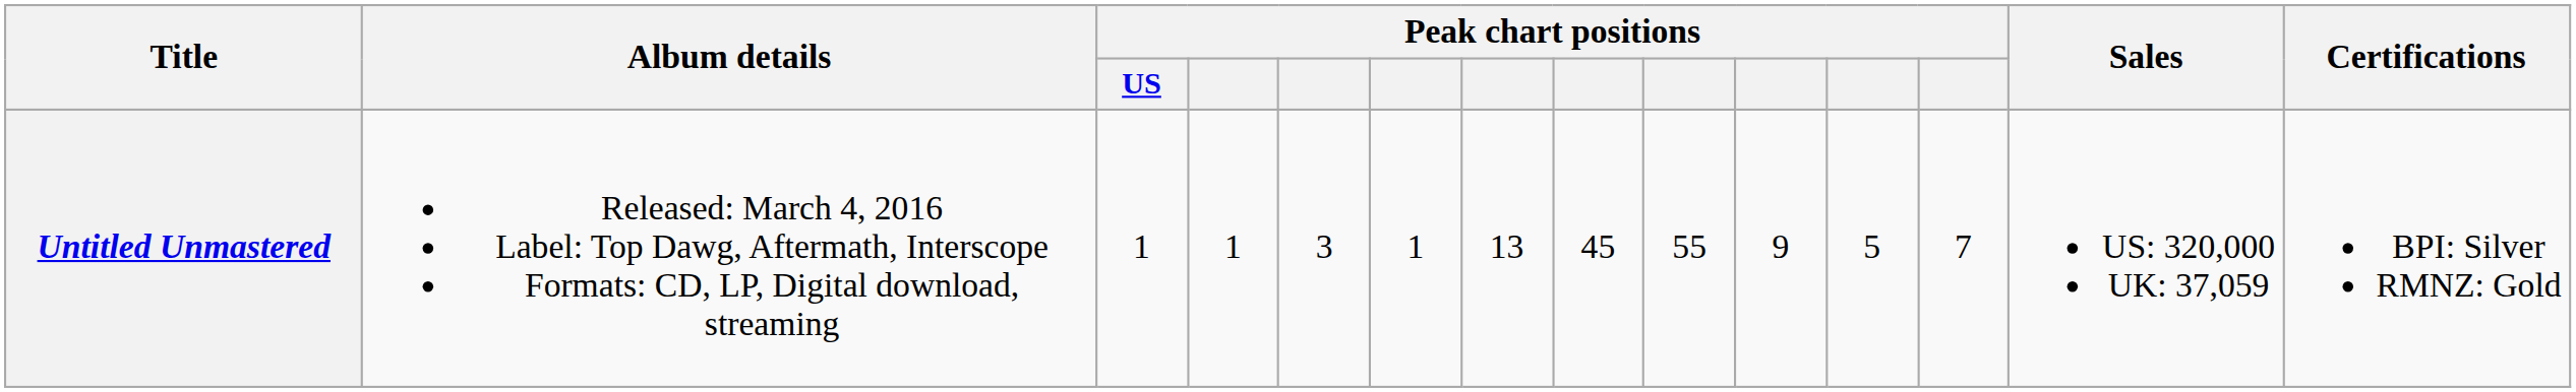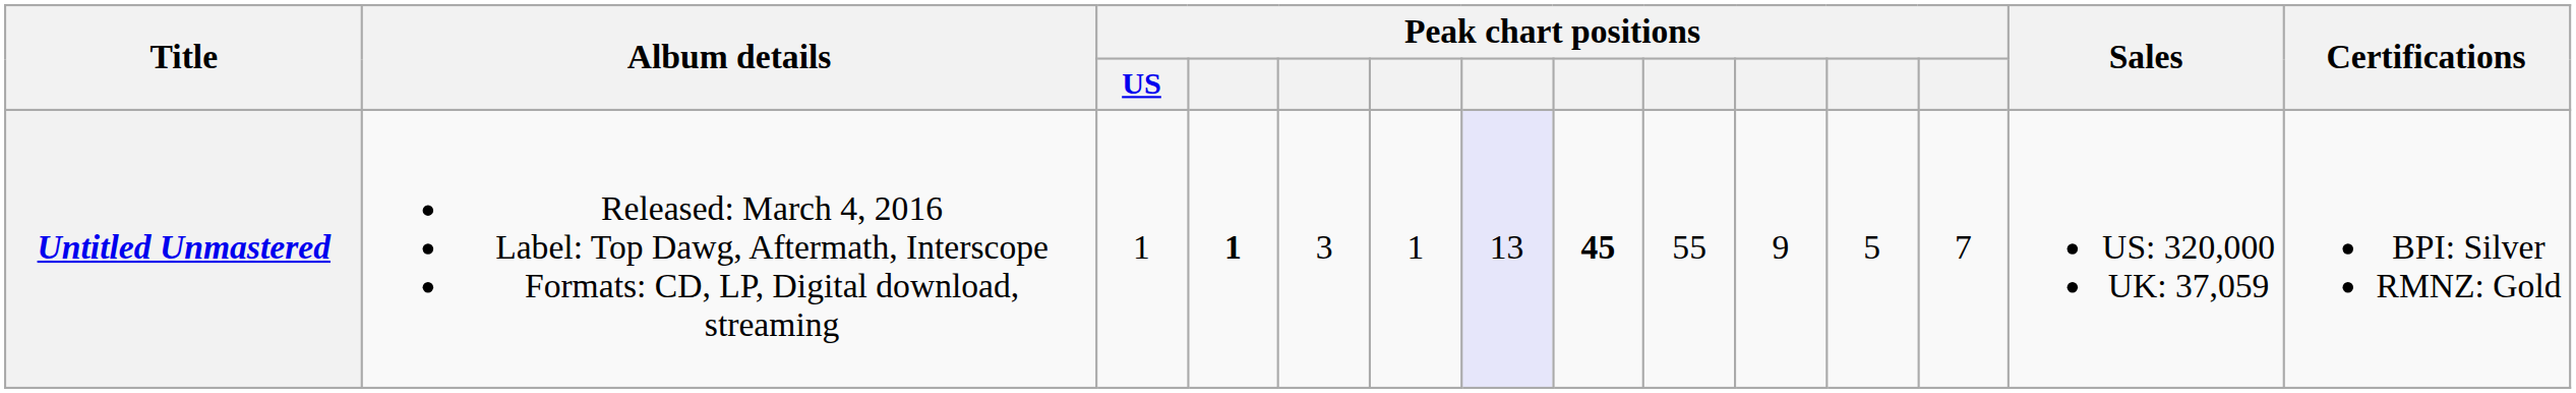 <table class="wikitable plainrowheaders" style="text-align:center;">
 <tr>
 <th scope="col" rowspan="2" style="width:10em;">Title</th>
 <th scope="col" rowspan="2" style="width:21em;">Album details</th>
 <th scope="col" colspan="10">Peak chart positions</th>
 <th scope="col" rowspan="2">Sales</th>
 <th scope="col" rowspan="2">Certifications</th>
 </tr>
 <tr>
 <th scope="col" style="width:2.5em;font-size:90%;"><a href='#'>US</a><br></th>
 <th scope="col" style="width:2.5em;font-size:90%;"><a href='#'></a><br></th>
 <th scope="col" style="width:2.5em;font-size:90%;"><a href='#'></a><br></th>
 <th scope="col" style="width:2.5em;font-size:90%;"><a href='#'></a><br></th>
 <th scope="col" style="width:2.5em;font-size:90%;"><a href='#'></a><br></th>
 <th scope="col" style="width:2.5em;font-size:90%;"><a href='#'></a><br></th>
 <th scope="col" style="width:2.5em;font-size:90%;"><a href='#'></a><br></th>
 <th scope="col" style="width:2.5em;font-size:90%;"><a href='#'></a><br></th>
 <th scope="col" style="width:2.5em;font-size:90%;"><a href='#'></a><br></th>
 <th scope="col" style="width:2.5em;font-size:90%;"><a href='#'></a><br></th>
 </tr>
 <tr>
 <th scope="row"><em><a href='#'>Untitled Unmastered</a></em></th>
 <td><br><ul><li>Released: March 4, 2016</li><li>Label: Top Dawg, Aftermath, Interscope</li><li>Formats: CD, LP, Digital download, streaming</li></ul></td>
 <td>1</td>
-<td>1</td>
+<td><strong>1</strong></td>
 <td>3</td>
 <td>1</td>
-<td>13</td>
-<td>45</td>
+<td style="background: lavender;">13</td>
+<td><strong>45</strong></td>
 <td>55</td>
 <td>9</td>
 <td>5</td>
 <td>7</td>
 <td><br><ul><li>US: 320,000</li><li>UK: 37,059</li></ul></td>
 <td><br><ul><li>BPI: Silver</li><li>RMNZ: Gold</li></ul></td>
 </tr>
 </table>
